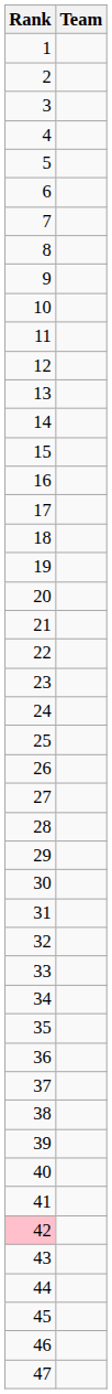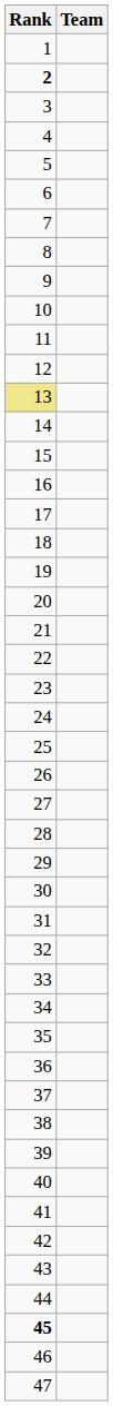 <table class="wikitable">
 <tr>
 <th>Rank</th>
 <th>Team</th>
 </tr>
 <tr>
 <td align=right>1</td>
 <td></td>
 </tr>
 <tr>
-<td align=right>2</td>
+<td align=right><strong>2</strong></td>
 <td></td>
 </tr>
 <tr>
 <td align=right>3</td>
 <td></td>
 </tr>
 <tr>
 <td align=right>4</td>
 <td></td>
 </tr>
 <tr>
 <td align=right>5</td>
 <td></td>
 </tr>
 <tr>
 <td align=right>6</td>
 <td></td>
 </tr>
 <tr>
 <td align=right>7</td>
 <td></td>
 </tr>
 <tr>
 <td align=right>8</td>
 <td></td>
 </tr>
 <tr>
 <td align=right>9</td>
 <td></td>
 </tr>
 <tr>
 <td align=right>10</td>
 <td></td>
 </tr>
 <tr>
 <td align=right>11</td>
 <td></td>
 </tr>
 <tr>
 <td align=right>12</td>
 <td></td>
 </tr>
 <tr>
-<td align=right>13</td>
+<td align=right style="background: khaki;">13</td>
 <td></td>
 </tr>
 <tr>
 <td align=right>14</td>
 <td></td>
 </tr>
 <tr>
 <td align=right>15</td>
 <td></td>
 </tr>
 <tr>
 <td align=right>16</td>
 <td></td>
 </tr>
 <tr>
 <td align=right>17</td>
 <td></td>
 </tr>
 <tr>
 <td align=right>18</td>
 <td></td>
 </tr>
 <tr>
 <td align=right>19</td>
 <td></td>
 </tr>
 <tr>
 <td align=right>20</td>
 <td></td>
 </tr>
 <tr>
 <td align=right>21</td>
 <td></td>
 </tr>
 <tr>
 <td align=right>22</td>
 <td></td>
 </tr>
 <tr>
 <td align=right>23</td>
 <td></td>
 </tr>
 <tr>
 <td align=right>24</td>
 <td></td>
 </tr>
 <tr>
 <td align=right>25</td>
 <td></td>
 </tr>
 <tr>
 <td align=right>26</td>
 <td></td>
 </tr>
 <tr>
 <td align=right>27</td>
 <td></td>
 </tr>
 <tr>
 <td align=right>28</td>
 <td></td>
 </tr>
 <tr>
 <td align=right>29</td>
 <td></td>
 </tr>
 <tr>
 <td align=right>30</td>
 <td></td>
 </tr>
 <tr>
 <td align=right>31</td>
 <td></td>
 </tr>
 <tr>
 <td align=right>32</td>
 <td></td>
 </tr>
 <tr>
 <td align=right>33</td>
 <td></td>
 </tr>
 <tr>
 <td align=right>34</td>
 <td></td>
 </tr>
 <tr>
 <td align=right>35</td>
 <td></td>
 </tr>
 <tr>
 <td align=right>36</td>
 <td></td>
 </tr>
 <tr>
 <td align=right>37</td>
 <td></td>
 </tr>
 <tr>
 <td align=right>38</td>
 <td></td>
 </tr>
 <tr>
 <td align=right>39</td>
 <td></td>
 </tr>
 <tr>
 <td align=right>40</td>
 <td></td>
 </tr>
 <tr>
 <td align=right>41</td>
 <td></td>
 </tr>
 <tr>
-<td align=right style="background: pink;">42</td>
+<td align=right>42</td>
 <td></td>
 </tr>
 <tr>
 <td align=right>43</td>
 <td></td>
 </tr>
 <tr>
 <td align=right>44</td>
 <td></td>
 </tr>
 <tr>
-<td align=right>45</td>
+<td align=right><strong>45</strong></td>
 <td></td>
 </tr>
 <tr>
 <td align=right>46</td>
 <td></td>
 </tr>
 <tr>
 <td align=right>47</td>
 <td></td>
 </tr>
 </table>
